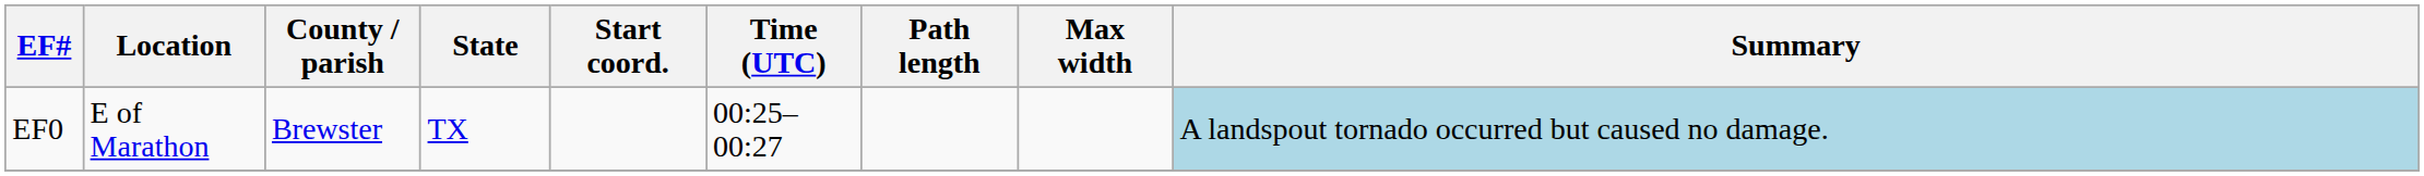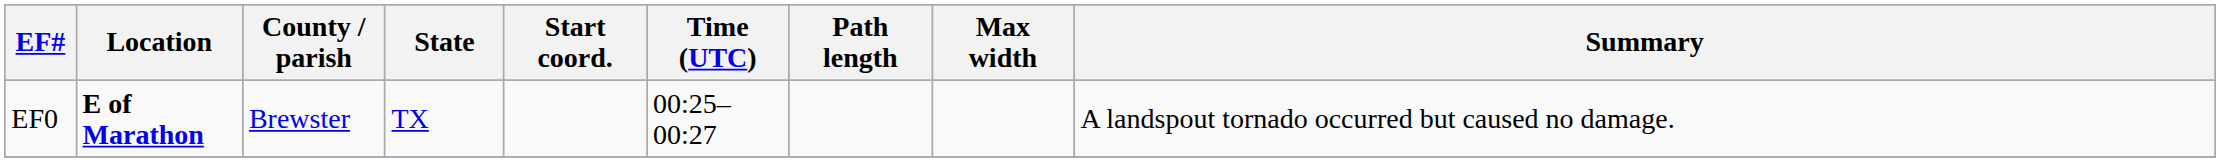 <table class="wikitable sortable" style="width:100%;">
 <tr>
 <th scope="col" style="width:3%; text-align:center;"><a href='#'>EF#</a></th>
 <th scope="col" style="width:7%; text-align:center;" class="unsortable">Location</th>
 <th scope="col" style="width:6%; text-align:center;" class="unsortable">County / parish</th>
 <th scope="col" style="width:5%; text-align:center;">State</th>
 <th scope="col" style="width:6%; text-align:center;">Start coord.</th>
 <th scope="col" style="width:6%; text-align:center;">Time (<a href='#'>UTC</a>)</th>
 <th scope="col" style="width:6%; text-align:center;">Path length</th>
 <th scope="col" style="width:6%; text-align:center;">Max width</th>
 <th scope="col" class="unsortable" style="width:48%; text-align:center;">Summary</th>
 </tr>
 <tr>
 <td bgcolor=>EF0</td>
-<td>E of <a href='#'>Marathon</a></td>
+<td><strong>E of <a href='#'>Marathon</a></strong></td>
 <td><a href='#'>Brewster</a></td>
 <td><a href='#'>TX</a></td>
 <td></td>
 <td>00:25–00:27</td>
 <td></td>
 <td></td>
-<td style="background: lightblue;">A landspout tornado occurred but caused no damage.</td>
+<td>A landspout tornado occurred but caused no damage.</td>
 </tr>
 <tr>
 </tr>
 </table>
